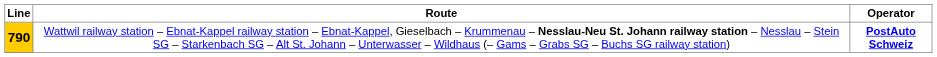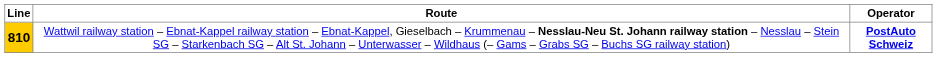 <table border="1" cellspacing="0" cellpadding="3" style="border-collapse:collapse; font-size:95%; margin-left:10px; margin-bottom:5px;">
 <tr>
 <th>Line</th>
 <th>Route</th>
 <th>Operator</th>
 </tr>
 <tr align=center>
-<td bgcolor=#ffcc00><big><strong>790</strong></big></td>
+<td bgcolor=#ffcc00><big><strong>810</strong></big></td>
 <td><a href='#'>Wattwil railway station</a> – <a href='#'>Ebnat-Kappel railway station</a> – <a href='#'>Ebnat-Kappel</a>, Gieselbach – <a href='#'>Krummenau</a> – <strong>Nesslau-Neu St. Johann railway station</strong> – <a href='#'>Nesslau</a> – <a href='#'>Stein SG</a> – <a href='#'>Starkenbach SG</a> – <a href='#'>Alt St. Johann</a> – <a href='#'>Unterwasser</a> – <a href='#'>Wildhaus</a> (– <a href='#'>Gams</a> – <a href='#'>Grabs SG</a> – <a href='#'>Buchs SG railway station</a>)</td>
 <td><strong><a href='#'>PostAuto Schweiz</a></strong></td>
 </tr>
 </table>
